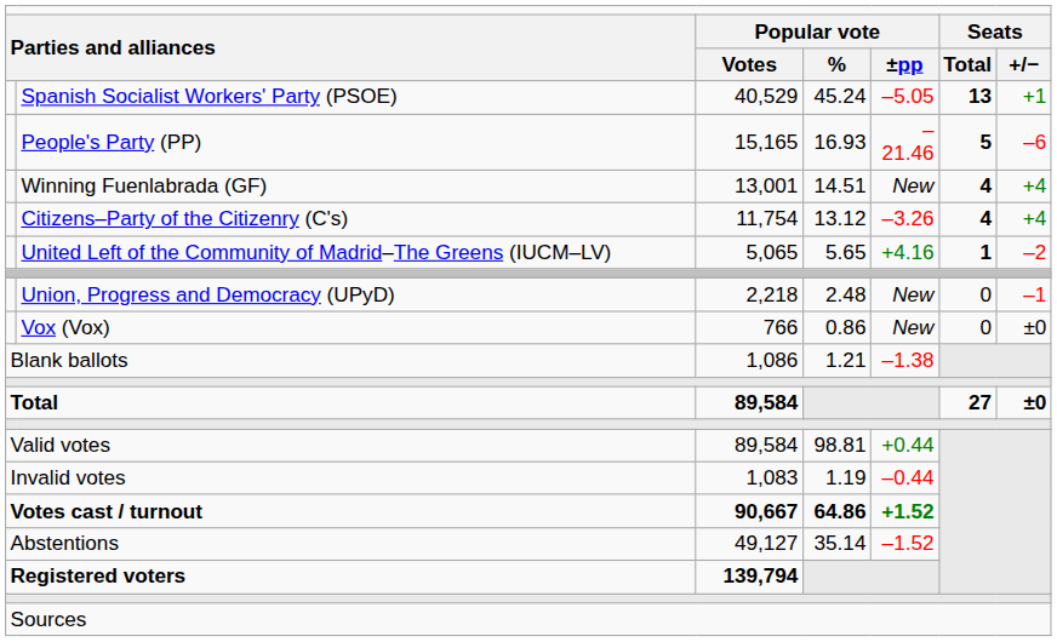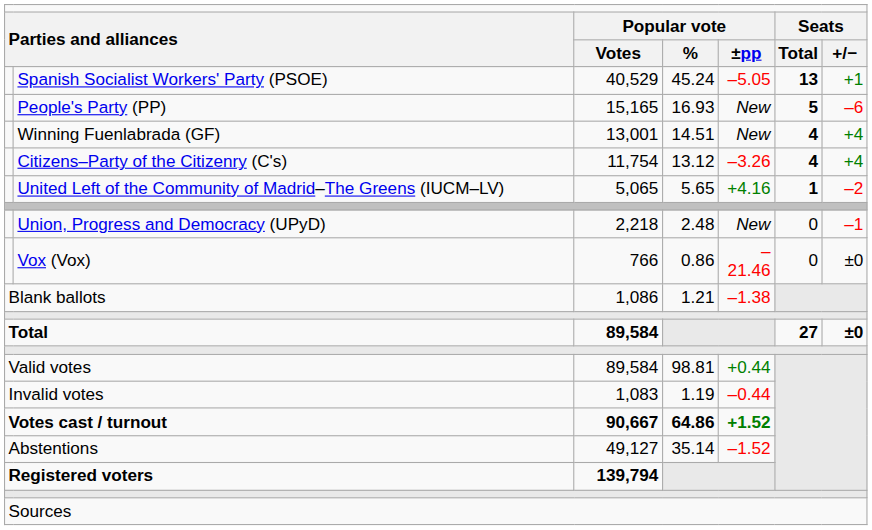 <table class="wikitable" style="text-align:right;">
 <tr>
 <td colspan="7"></td>
 </tr>
 <tr>
 <th style="text-align:left;" rowspan="2" colspan="2" width="525">Parties and alliances</th>
 <th colspan="3">Popular vote</th>
 <th colspan="2">Seats</th>
 </tr>
 <tr>
 <th width="75">Votes</th>
 <th width="45">%</th>
 <th width="45">±<a href='#'>pp</a></th>
 <th width="35">Total</th>
 <th width="35">+/−</th>
 </tr>
 <tr>
 <td width="1" style="color:inherit;background:"></td>
 <td align="left"><a href='#'>Spanish Socialist Workers' Party</a> (PSOE)</td>
 <td>40,529</td>
 <td>45.24</td>
 <td style="color:red;">–5.05</td>
 <td><strong>13</strong></td>
 <td style="color:green;">+1</td>
 </tr>
 <tr>
 <td style="color:inherit;background:"></td>
 <td align="left"><a href='#'>People's Party</a> (PP)</td>
 <td>15,165</td>
 <td>16.93</td>
-<td style="color:red;">–21.46</td>
+<td><em>New</em></td>
 <td><strong>5</strong></td>
 <td style="color:red;">–6</td>
 </tr>
 <tr>
 <td style="color:inherit;background:"></td>
 <td align="left">Winning Fuenlabrada (GF)</td>
 <td>13,001</td>
 <td>14.51</td>
 <td><em>New</em></td>
 <td><strong>4</strong></td>
 <td style="color:green;">+4</td>
 </tr>
 <tr>
 <td style="color:inherit;background:"></td>
 <td align="left"><a href='#'>Citizens–Party of the Citizenry</a> (C's)</td>
 <td>11,754</td>
 <td>13.12</td>
 <td style="color:red;">–3.26</td>
 <td><strong>4</strong></td>
 <td style="color:green;">+4</td>
 </tr>
 <tr>
 <td style="color:inherit;background:"></td>
 <td align="left"><a href='#'>United Left of the Community of Madrid</a>–<a href='#'>The Greens</a> (IUCM–LV)</td>
 <td>5,065</td>
 <td>5.65</td>
 <td style="color:green;">+4.16</td>
 <td><strong>1</strong></td>
 <td style="color:red;">–2</td>
 </tr>
 <tr>
 <td colspan="7" bgcolor="#C0C0C0"></td>
 </tr>
 <tr>
 <td style="color:inherit;background:"></td>
 <td align="left"><a href='#'>Union, Progress and Democracy</a> (UPyD)</td>
 <td>2,218</td>
 <td>2.48</td>
 <td><em>New</em></td>
 <td>0</td>
 <td style="color:red;">–1</td>
 </tr>
 <tr>
 <td style="color:inherit;background:"></td>
 <td align="left"><a href='#'>Vox</a> (Vox)</td>
 <td>766</td>
 <td>0.86</td>
-<td><em>New</em></td>
+<td style="color:red;">–21.46</td>
 <td>0</td>
 <td>±0</td>
 </tr>
 <tr>
 <td align="left" colspan="2">Blank ballots</td>
 <td>1,086</td>
 <td>1.21</td>
 <td style="color:red;">–1.38</td>
 <td bgcolor="#E9E9E9" colspan="2"></td>
 </tr>
 <tr>
 <td colspan="7" bgcolor="#E9E9E9"></td>
 </tr>
 <tr style="font-weight:bold;">
 <td align="left" colspan="2">Total</td>
 <td>89,584</td>
 <td bgcolor="#E9E9E9" colspan="2"></td>
 <td>27</td>
 <td>±0</td>
 </tr>
 <tr>
 <td colspan="7" bgcolor="#E9E9E9"></td>
 </tr>
 <tr>
 <td align="left" colspan="2">Valid votes</td>
 <td>89,584</td>
 <td>98.81</td>
 <td style="color:green;">+0.44</td>
 <td bgcolor="#E9E9E9" colspan="2" rowspan="5"></td>
 </tr>
 <tr>
 <td align="left" colspan="2">Invalid votes</td>
 <td>1,083</td>
 <td>1.19</td>
 <td style="color:red;">–0.44</td>
 </tr>
 <tr style="font-weight:bold;">
 <td align="left" colspan="2">Votes cast / turnout</td>
 <td>90,667</td>
 <td>64.86</td>
 <td style="color:green;">+1.52</td>
 </tr>
 <tr>
 <td align="left" colspan="2">Abstentions</td>
 <td>49,127</td>
 <td>35.14</td>
 <td style="color:red;">–1.52</td>
 </tr>
 <tr style="font-weight:bold;">
 <td align="left" colspan="2">Registered voters</td>
 <td>139,794</td>
 <td bgcolor="#E9E9E9" colspan="2"></td>
 </tr>
 <tr>
 <td colspan="7" bgcolor="#E9E9E9"></td>
 </tr>
 <tr>
 <td align="left" colspan="7">Sources</td>
 </tr>
 </table>
